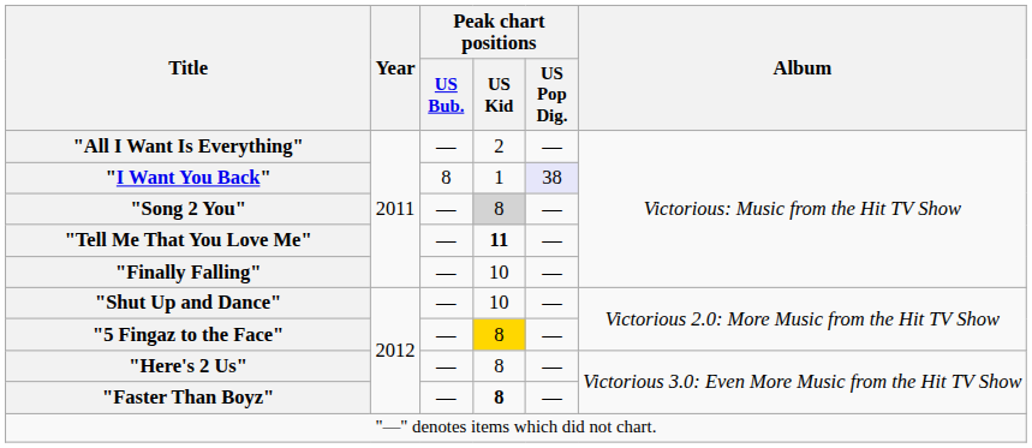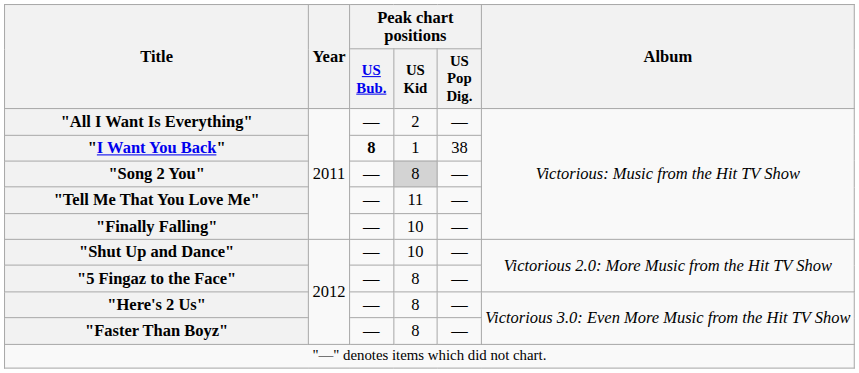 <table class="wikitable plainrowheaders" style="text-align:center;">
 <tr>
 <th scope="col" rowspan="2" style="width:18em;">Title</th>
 <th scope="col" rowspan="2">Year</th>
 <th scope="col" colspan="3">Peak chart positions</th>
 <th scope="col" rowspan="2">Album</th>
 </tr>
 <tr>
 <th scope="col" style="width:2.5em;font-size:90%;"><a href='#'>US<br>Bub.</a><br></th>
 <th scope="col" style="width:2.5em;font-size:90%;">US<br>Kid<br></th>
 <th scope="col" style="width:2.5em;font-size:90%;">US<br>Pop Dig.<br></th>
 </tr>
 <tr>
 <th scope="row">"All I Want Is Everything"<br></th>
 <td rowspan="5">2011</td>
 <td>—</td>
 <td>2</td>
 <td>—</td>
 <td rowspan="5"><em>Victorious: Music from the Hit TV Show</em></td>
 </tr>
 <tr>
 <th scope="row">"<a href='#'>I Want You Back</a>"<br></th>
-<td>8</td>
+<td><strong>8</strong></td>
 <td>1</td>
-<td style="background: lavender;">38</td>
+<td>38</td>
 </tr>
 <tr>
 <th scope="row">"Song 2 You"<br></th>
 <td>—</td>
 <td style="background: lightgrey;">8</td>
 <td>—</td>
 </tr>
 <tr>
 <th scope="row">"Tell Me That You Love Me"<br></th>
 <td>—</td>
-<td><strong>11</strong></td>
+<td>11</td>
 <td>—</td>
 </tr>
 <tr>
 <th scope="row">"Finally Falling"<br></th>
 <td>—</td>
 <td>10</td>
 <td>—</td>
 </tr>
 <tr>
 <th scope="row">"Shut Up and Dance"<br></th>
 <td rowspan="4">2012</td>
 <td>—</td>
 <td>10</td>
 <td>—</td>
 <td rowspan="2"><em>Victorious 2.0: More Music from the Hit TV Show</em></td>
 </tr>
 <tr>
 <th scope="row">"5 Fingaz to the Face"<br></th>
 <td>—</td>
-<td style="background: gold;">8</td>
+<td>8</td>
 <td>—</td>
 </tr>
 <tr>
 <th scope="row">"Here's 2 Us"<br></th>
 <td>—</td>
 <td>8</td>
 <td>—</td>
 <td rowspan="2"><em>Victorious 3.0: Even More Music from the Hit TV Show</em></td>
 </tr>
 <tr>
 <th scope="row">"Faster Than Boyz"<br></th>
 <td>—</td>
-<td><strong>8</strong></td>
+<td>8</td>
 <td>—</td>
 </tr>
 <tr>
 <td colspan="6" style="text-align:center; font-size:90%;">"—" denotes items which did not chart.</td>
 </tr>
 </table>
